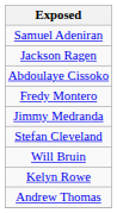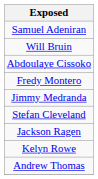 <table class="wikitable" style="text-align:center">
 <tr>
 <th>Exposed</th>
 </tr>
 <tr>
 <td><a href='#'>Samuel Adeniran</a></td>
 </tr>
 <tr>
-<td><a href='#'>Jackson Ragen</a></td>
+<td><a href='#'>Will Bruin</a></td>
 </tr>
 <tr>
 <td><a href='#'>Abdoulaye Cissoko</a></td>
 </tr>
 <tr>
 <td><a href='#'>Fredy Montero</a></td>
 </tr>
 <tr>
 <td><a href='#'>Jimmy Medranda</a></td>
 </tr>
 <tr>
 <td><a href='#'>Stefan Cleveland</a></td>
 </tr>
 <tr>
-<td><a href='#'>Will Bruin</a></td>
+<td><a href='#'>Jackson Ragen</a></td>
 </tr>
 <tr>
 <td><a href='#'>Kelyn Rowe</a></td>
 </tr>
 <tr>
 <td><a href='#'>Andrew Thomas</a></td>
 </tr>
 <tr>
 </tr>
 </table>
